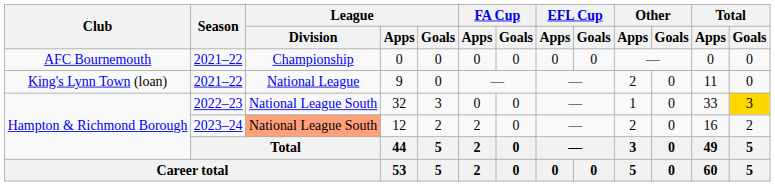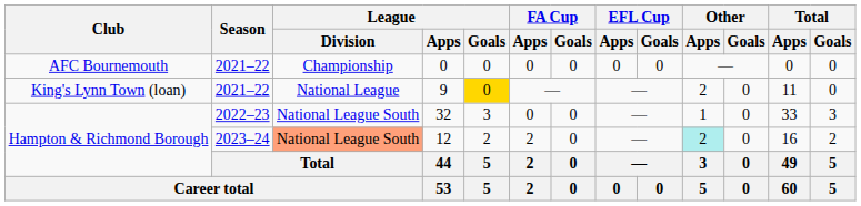 <table class="wikitable" style="text-align:center">
 <tr>
 <th rowspan="2">Club</th>
 <th rowspan="2">Season</th>
 <th colspan="3">League</th>
 <th colspan="2"><a href='#'>FA Cup</a></th>
 <th colspan="2"><a href='#'>EFL Cup</a></th>
 <th colspan="2">Other</th>
 <th colspan="2">Total</th>
 </tr>
 <tr>
 <th>Division</th>
 <th>Apps</th>
 <th>Goals</th>
 <th>Apps</th>
 <th>Goals</th>
 <th>Apps</th>
 <th>Goals</th>
 <th>Apps</th>
 <th>Goals</th>
 <th>Apps</th>
 <th>Goals</th>
 </tr>
 <tr>
 <td><a href='#'>AFC Bournemouth</a></td>
 <td><a href='#'>2021–22</a></td>
 <td><a href='#'>Championship</a></td>
 <td>0</td>
 <td>0</td>
 <td>0</td>
 <td>0</td>
 <td>0</td>
 <td>0</td>
 <td colspan="2">—</td>
 <td>0</td>
 <td>0</td>
 </tr>
 <tr>
 <td><a href='#'>King's Lynn Town</a> (loan)</td>
 <td><a href='#'>2021–22</a></td>
 <td><a href='#'>National League</a></td>
 <td>9</td>
-<td>0</td>
+<td style="background: gold;">0</td>
 <td colspan="2">—</td>
 <td colspan="2">—</td>
 <td>2</td>
 <td>0</td>
 <td>11</td>
 <td>0</td>
 </tr>
 <tr>
 <td rowspan="3"><a href='#'>Hampton & Richmond Borough</a></td>
 <td><a href='#'>2022–23</a></td>
 <td><a href='#'>National League South</a></td>
 <td>32</td>
 <td>3</td>
 <td>0</td>
 <td>0</td>
 <td colspan="2">—</td>
 <td>1</td>
 <td>0</td>
 <td>33</td>
-<td style="background: gold;">3</td>
+<td>3</td>
 </tr>
 <tr>
 <td><a href='#'>2023–24</a></td>
 <td style="background: lightsalmon;">National League South</td>
 <td>12</td>
 <td>2</td>
 <td>2</td>
 <td>0</td>
 <td colspan="2">—</td>
-<td>2</td>
+<td style="background: paleturquoise;">2</td>
 <td>0</td>
 <td>16</td>
 <td>2</td>
 </tr>
 <tr>
 <th colspan=2>Total</th>
 <th>44</th>
 <th>5</th>
 <th>2</th>
 <th>0</th>
 <th colspan="2">—</th>
 <th>3</th>
 <th>0</th>
 <th>49</th>
 <th>5</th>
 </tr>
 <tr>
 <th colspan=3>Career total</th>
 <th>53</th>
 <th>5</th>
 <th>2</th>
 <th>0</th>
 <th>0</th>
 <th>0</th>
 <th>5</th>
 <th>0</th>
 <th>60</th>
 <th>5</th>
 </tr>
 </table>
